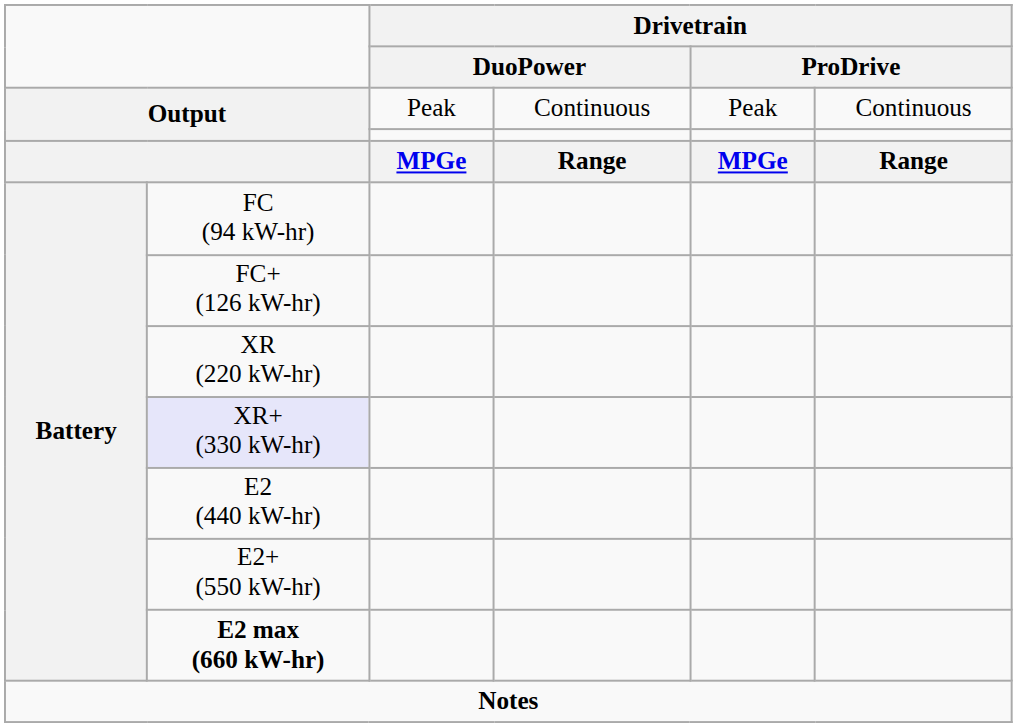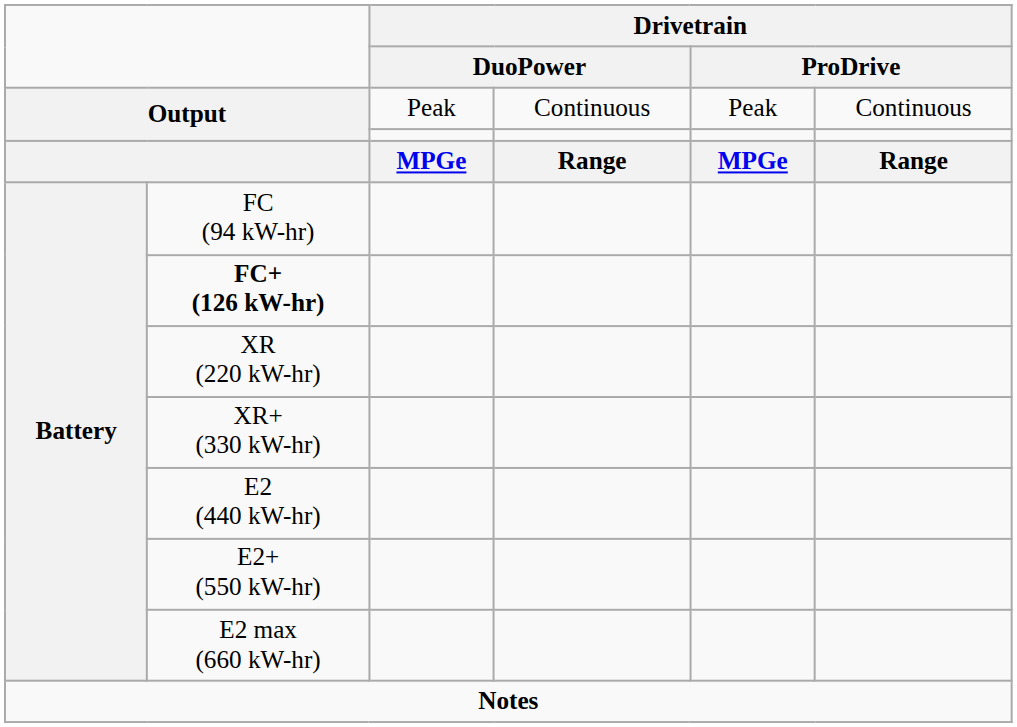 <table class="wikitable mw-collapsible collapsed floatright" style="width:40em;text-align:center;font-size:80%;">
 <tr>
 <td colspan=2 rowspan=2> </td>
 <th colspan=4>Drivetrain</th>
 </tr>
 <tr>
 <th colspan=2>DuoPower</th>
 <th colspan=2>ProDrive</th>
 </tr>
 <tr>
 <th colspan=2 rowspan=2>Output</th>
 <td>Peak</td>
 <td>Continuous</td>
 <td>Peak</td>
 <td>Continuous</td>
 </tr>
 <tr>
 <td></td>
 <td></td>
 <td></td>
 <td></td>
 </tr>
 <tr>
 <th colspan=2> </th>
 <th><a href='#'>MPGe</a></th>
 <th>Range</th>
 <th><a href='#'>MPGe</a></th>
 <th>Range</th>
 </tr>
 <tr>
 <th rowspan=7>Battery</th>
 <td rowspan=1>FC<br>(94 kW-hr)</td>
 <td></td>
 <td></td>
 <td></td>
 <td></td>
 </tr>
 <tr>
-<td rowspan=1>FC+<br>(126 kW-hr)</td>
+<td rowspan=1><strong>FC+<br>(126 kW-hr)</strong></td>
 <td></td>
 <td></td>
 <td></td>
 <td></td>
 </tr>
 <tr>
 <td rowspan=1>XR<br>(220 kW-hr)</td>
 <td></td>
 <td></td>
 <td></td>
 <td></td>
 </tr>
 <tr>
-<td rowspan=1 style="background: lavender;">XR+<br>(330 kW-hr)</td>
+<td rowspan=1>XR+<br>(330 kW-hr)</td>
 <td></td>
 <td></td>
 <td></td>
 <td></td>
 </tr>
 <tr>
 <td rowspan=1>E2<br>(440 kW-hr)</td>
 <td></td>
 <td></td>
 <td></td>
 <td></td>
 </tr>
 <tr>
 <td rowspan=1>E2+<br>(550 kW-hr)</td>
 <td></td>
 <td></td>
 <td></td>
 <td></td>
 </tr>
 <tr>
-<td rowspan=1><strong>E2 max<br>(660 kW-hr)</strong></td>
+<td rowspan=1>E2 max<br>(660 kW-hr)</td>
 <td></td>
 <td></td>
 <td></td>
 <td></td>
 </tr>
 <tr>
 <td colspan=6><strong>Notes</strong><br></td>
 </tr>
 </table>
